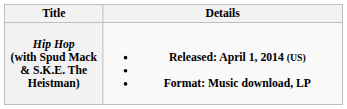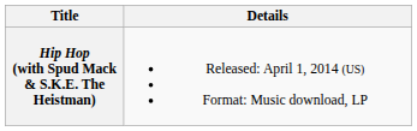 <table class="wikitable plainrowheaders" style="text-align:center;">
 <tr>
 <th scope="col" style="width:8em;">Title</th>
 <th scope="col" style="width:20em;">Details</th>
 </tr>
 <tr>
 <th scope="row"><em>Hip Hop</em><br><span>(with Spud Mack & S.K.E. The Heistman)</span></th>
-<td><strong><br><ul><li>Released: April 1, 2014 <small>(US)</small></li><li></li><li>Format: Music download, LP</li></ul></strong></td>
+<td><br><ul><li>Released: April 1, 2014 <small>(US)</small></li><li></li><li>Format: Music download, LP</li></ul></td>
 </tr>
 </table>
